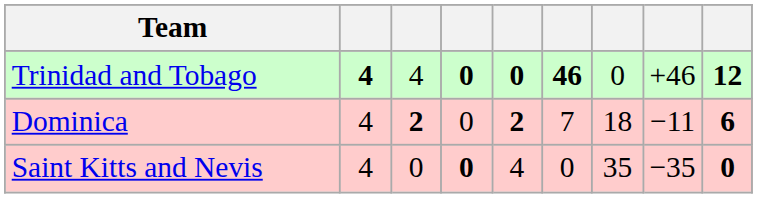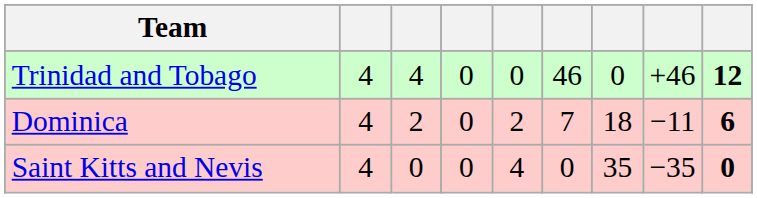 <table class="wikitable" style="text-align: center;">
 <tr>
 <th width="175">Team</th>
 <th width="20"></th>
 <th width="20"></th>
 <th width="20"></th>
 <th width="20"></th>
 <th width="20"></th>
 <th width="20"></th>
 <th width="20"></th>
 <th width="20"></th>
 </tr>
 <tr style="background:#ccffcc;">
 <td align=left> <a href='#'>Trinidad and Tobago</a></td>
-<td><strong>4</strong></td>
 <td>4</td>
-<td><strong>0</strong></td>
-<td><strong>0</strong></td>
-<td><strong>46</strong></td>
+<td>4</td>
+<td>0</td>
+<td>0</td>
+<td>46</td>
 <td>0</td>
 <td>+46</td>
 <td><strong>12</strong></td>
 </tr>
 <tr style="background:#ffcccc;">
 <td align=left> <a href='#'>Dominica</a></td>
 <td>4</td>
-<td><strong>2</strong></td>
+<td>2</td>
 <td>0</td>
-<td><strong>2</strong></td>
+<td>2</td>
 <td>7</td>
 <td>18</td>
 <td>−11</td>
 <td><strong>6</strong></td>
 </tr>
 <tr style="background:#ffcccc;">
 <td align=left> <a href='#'>Saint Kitts and Nevis</a></td>
 <td>4</td>
 <td>0</td>
-<td><strong>0</strong></td>
+<td>0</td>
 <td>4</td>
 <td>0</td>
 <td>35</td>
 <td>−35</td>
 <td><strong>0</strong></td>
 </tr>
 </table>
